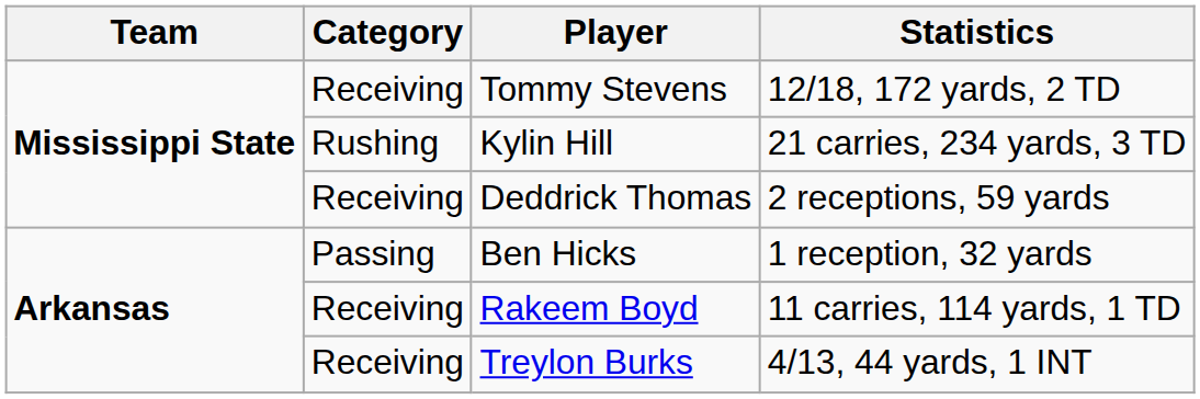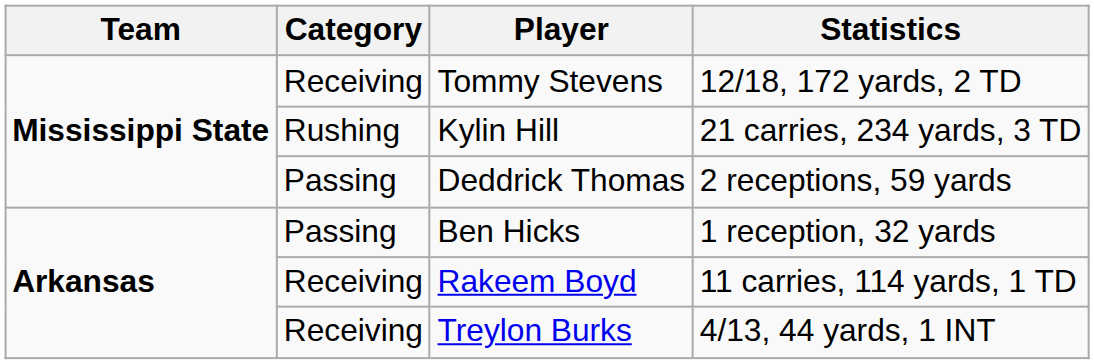 <table class="wikitable" style="float: right;">
 <tr>
 <th>Team</th>
 <th>Category</th>
 <th>Player</th>
 <th>Statistics</th>
 </tr>
 <tr>
 <td rowspan=3><strong>Mississippi State</strong></td>
 <td>Receiving</td>
 <td>Tommy Stevens</td>
 <td>12/18, 172 yards, 2 TD</td>
 </tr>
 <tr>
 <td>Rushing</td>
 <td>Kylin Hill</td>
 <td>21 carries, 234 yards, 3 TD</td>
 </tr>
 <tr>
-<td>Receiving</td>
+<td>Passing</td>
 <td>Deddrick Thomas</td>
 <td>2 receptions, 59 yards</td>
 </tr>
 <tr>
 <td rowspan=3><strong>Arkansas</strong></td>
 <td>Passing</td>
 <td>Ben Hicks</td>
 <td>1 reception, 32 yards</td>
 </tr>
 <tr>
 <td>Receiving</td>
 <td><a href='#'>Rakeem Boyd</a></td>
 <td>11 carries, 114 yards, 1 TD</td>
 </tr>
 <tr>
 <td>Receiving</td>
 <td><a href='#'>Treylon Burks</a></td>
 <td>4/13, 44 yards, 1 INT</td>
 </tr>
 </table>
